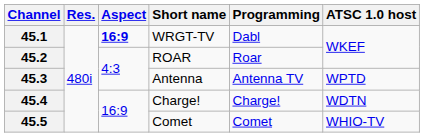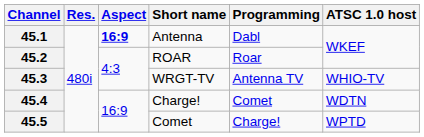 <table class="wikitable">
 <tr>
 <th scope = "col"><a href='#'>Channel</a></th>
 <th scope = "col"><a href='#'>Res.</a></th>
 <th scope = "col"><a href='#'>Aspect</a></th>
 <th scope = "col">Short name</th>
 <th scope = "col">Programming</th>
 <th scope = "col">ATSC 1.0 host</th>
 </tr>
 <tr>
 <th scope = "row">45.1</th>
 <td rowspan=5><a href='#'>480i</a></td>
 <td><strong><a href='#'>16:9</a></strong></td>
-<td>WRGT-TV</td>
+<td>Antenna</td>
 <td><a href='#'>Dabl</a></td>
 <td rowspan=2><a href='#'>WKEF</a></td>
 </tr>
 <tr>
 <th scope = "row">45.2</th>
 <td rowspan=2><a href='#'>4:3</a></td>
 <td>ROAR</td>
 <td><a href='#'>Roar</a></td>
 </tr>
 <tr>
 <th scope = "row">45.3</th>
-<td>Antenna</td>
+<td>WRGT-TV</td>
 <td><a href='#'>Antenna TV</a></td>
-<td><a href='#'>WPTD</a></td>
+<td><a href='#'>WHIO-TV</a></td>
 </tr>
 <tr>
 <th scope = "row">45.4</th>
 <td rowspan=2><a href='#'>16:9</a></td>
 <td>Charge!</td>
-<td><a href='#'>Charge!</a></td>
+<td><a href='#'>Comet</a></td>
 <td><a href='#'>WDTN</a></td>
 </tr>
 <tr>
 <th scope = "row">45.5</th>
 <td>Comet</td>
-<td><a href='#'>Comet</a></td>
-<td><a href='#'>WHIO-TV</a></td>
+<td><a href='#'>Charge!</a></td>
+<td><a href='#'>WPTD</a></td>
 </tr>
 </table>
